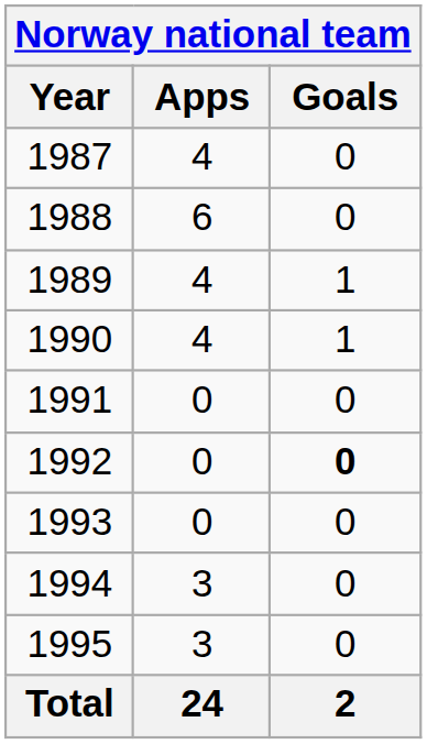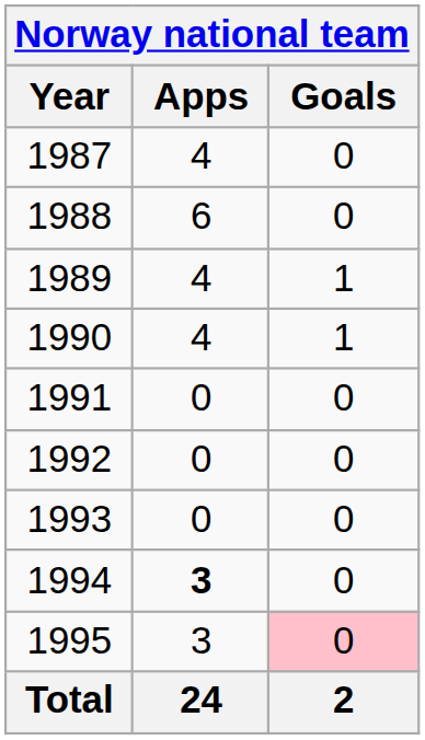 <table class="wikitable" style="text-align:center">
 <tr>
 <th colspan=3><a href='#'>Norway national team</a></th>
 </tr>
 <tr>
 <th>Year</th>
 <th>Apps</th>
 <th>Goals</th>
 </tr>
 <tr>
 <td>1987</td>
 <td>4</td>
 <td>0</td>
 </tr>
 <tr>
 <td>1988</td>
 <td>6</td>
 <td>0</td>
 </tr>
 <tr>
 <td>1989</td>
 <td>4</td>
 <td>1</td>
 </tr>
 <tr>
 <td>1990</td>
 <td>4</td>
 <td>1</td>
 </tr>
 <tr>
 <td>1991</td>
 <td>0</td>
 <td>0</td>
 </tr>
 <tr>
 <td>1992</td>
 <td>0</td>
-<td><strong>0</strong></td>
+<td>0</td>
 </tr>
 <tr>
 <td>1993</td>
 <td>0</td>
 <td>0</td>
 </tr>
 <tr>
 <td>1994</td>
-<td>3</td>
+<td><strong>3</strong></td>
 <td>0</td>
 </tr>
 <tr>
 <td>1995</td>
 <td>3</td>
-<td>0</td>
+<td style="background: pink;">0</td>
 </tr>
 <tr>
 <th>Total</th>
 <th>24</th>
 <th>2</th>
 </tr>
 </table>
